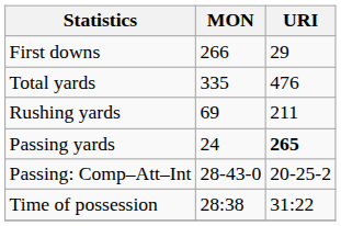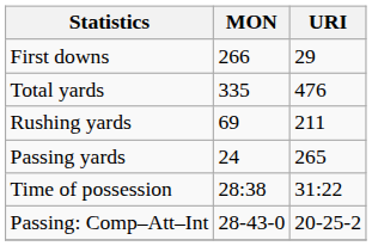 <table class="wikitable" style="float: left;">
 <tr>
 <th>Statistics</th>
 <th>MON</th>
 <th>URI</th>
 </tr>
 <tr>
 <td>First downs</td>
 <td>266</td>
 <td>29</td>
 </tr>
 <tr>
 <td>Total yards</td>
 <td>335</td>
 <td>476</td>
 </tr>
 <tr>
 <td>Rushing yards</td>
 <td>69</td>
 <td>211</td>
 </tr>
 <tr>
 <td>Passing yards</td>
 <td>24</td>
-<td><strong>265</strong></td>
+<td>265</td>
+</tr>
+<tr>
+<td>Time of possession</td>
+<td>28:38</td>
+<td>31:22</td>
 </tr>
 <tr>
 <td>Passing: Comp–Att–Int</td>
 <td>28-43-0</td>
 <td>20-25-2</td>
 </tr>
 <tr>
-<td>Time of possession</td>
-<td>28:38</td>
-<td>31:22</td>
-</tr>
-<tr>
 </tr>
 </table>
